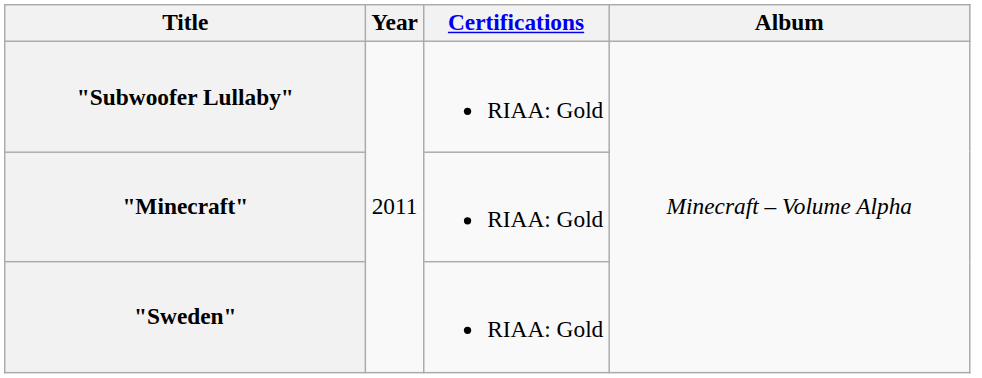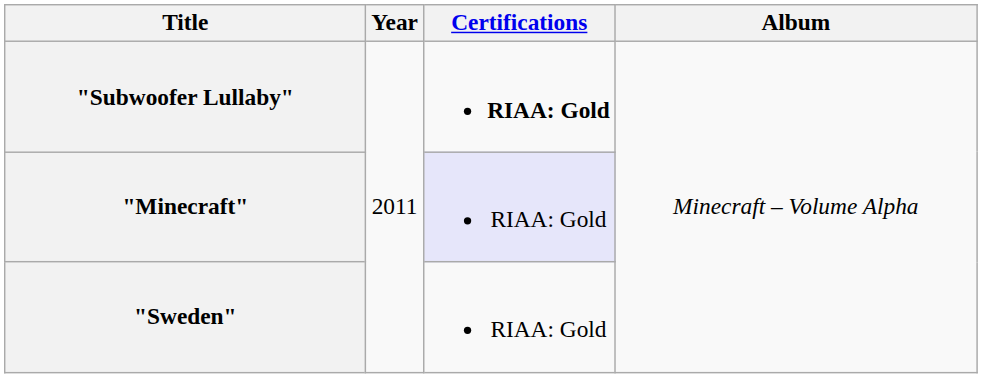 <table class="wikitable plainrowheaders" style="text-align:center;">
 <tr>
 <th rowspan="1" style="width:15em;">Title</th>
 <th rowspan="1">Year</th>
 <th><a href='#'>Certifications</a></th>
 <th rowspan="1" style="width:15em;">Album</th>
 </tr>
 <tr>
 <th scope="row">"Subwoofer Lullaby"</th>
 <td rowspan="3">2011</td>
-<td><br><ul><li>RIAA: Gold</li></ul></td>
+<td><strong><br><ul><li>RIAA: Gold</li></ul></strong></td>
 <td rowspan="3"><em>Minecraft – Volume Alpha</em></td>
 </tr>
 <tr>
 <th scope="row">"Minecraft"</th>
-<td><br><ul><li>RIAA: Gold</li></ul></td>
+<td style="background: lavender;"><br><ul><li>RIAA: Gold</li></ul></td>
 </tr>
 <tr>
 <th scope="row">"Sweden"</th>
 <td><br><ul><li>RIAA: Gold</li></ul></td>
 </tr>
 </table>
